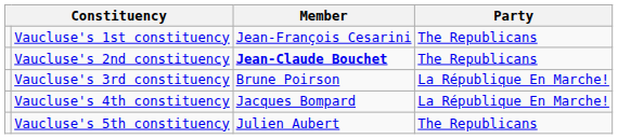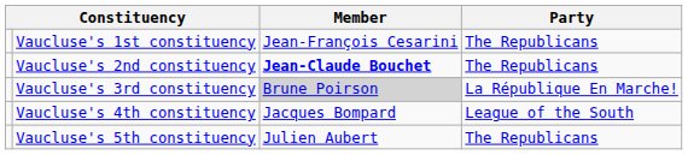 <table class="wikitable">
 <tr>
 <th colspan="2">Constituency</th>
 <th>Member</th>
 <th>Party</th>
 </tr>
 <tr>
 <td style="background-color: "></td>
 <td><a href='#'>Vaucluse's 1st constituency</a></td>
 <td><a href='#'>Jean-François Cesarini</a></td>
 <td><a href='#'>The Republicans</a></td>
 </tr>
 <tr>
 <td style="background-color: "></td>
 <td><a href='#'>Vaucluse's 2nd constituency</a></td>
 <td><strong><a href='#'>Jean-Claude Bouchet</a></strong></td>
 <td><a href='#'>The Republicans</a></td>
 </tr>
 <tr>
 <td style="background-color: "></td>
 <td><a href='#'>Vaucluse's 3rd constituency</a></td>
-<td><a href='#'>Brune Poirson</a></td>
+<td style="background: lightgrey;"><a href='#'>Brune Poirson</a></td>
 <td><a href='#'>La République En Marche!</a></td>
 </tr>
 <tr>
 <td style="background-color: "></td>
 <td><a href='#'>Vaucluse's 4th constituency</a></td>
 <td><a href='#'>Jacques Bompard</a></td>
-<td><a href='#'>La République En Marche!</a></td>
+<td><a href='#'>League of the South</a></td>
 </tr>
 <tr>
 <td style="background-color: "></td>
 <td><a href='#'>Vaucluse's 5th constituency</a></td>
 <td><a href='#'>Julien Aubert</a></td>
 <td><a href='#'>The Republicans</a></td>
 </tr>
 </table>
